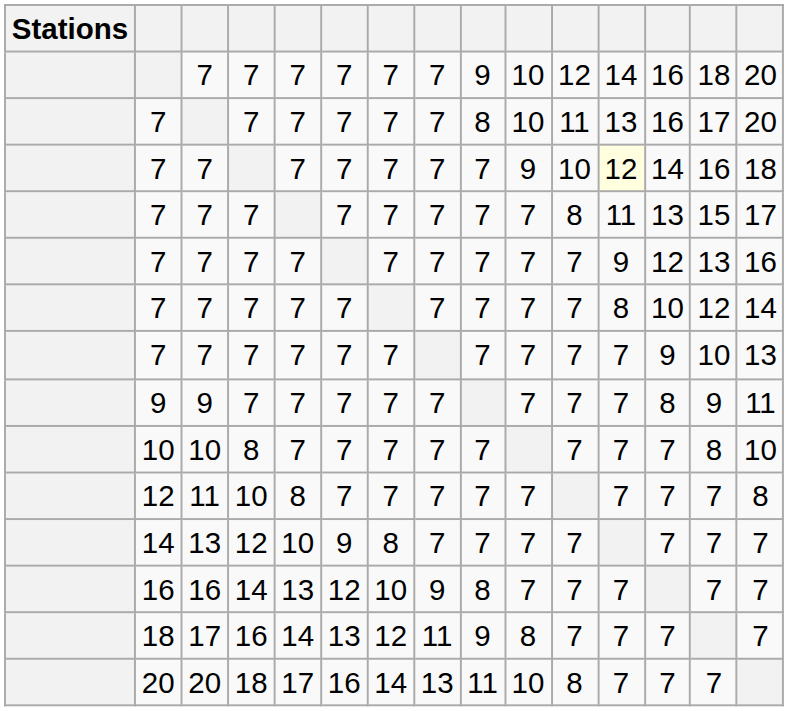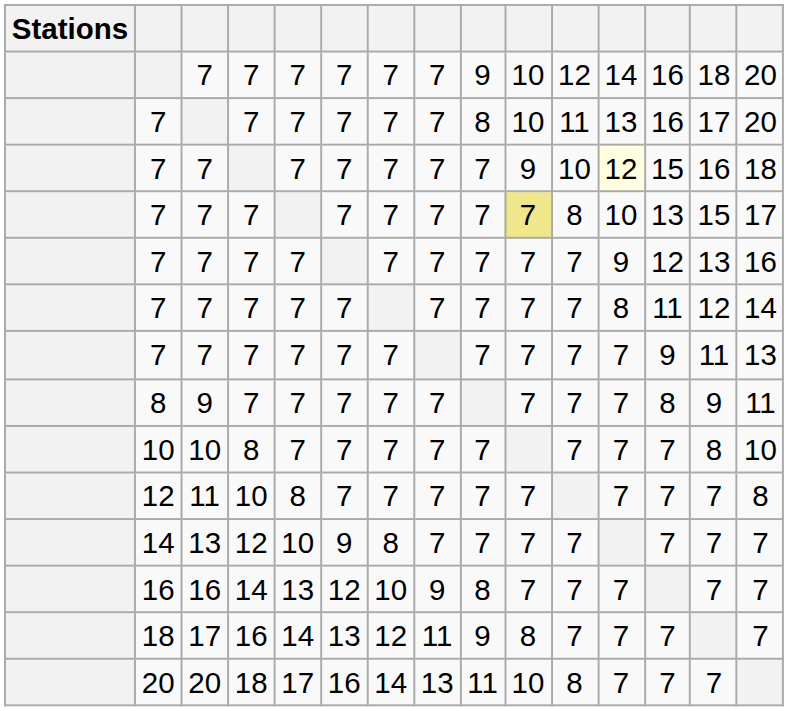 <table class="wikitable" style="font-size: 95%; text-align: center;">
 <tr>
 <th>Stations</th>
 <th></th>
 <th></th>
 <th></th>
 <th></th>
 <th></th>
 <th></th>
 <th></th>
 <th></th>
 <th></th>
 <th></th>
 <th></th>
 <th></th>
 <th></th>
 <th></th>
 </tr>
 <tr>
 <th></th>
 <th></th>
 <td>7</td>
 <td>7</td>
 <td>7</td>
 <td>7</td>
 <td>7</td>
 <td>7</td>
 <td>9</td>
 <td>10</td>
 <td>12</td>
 <td>14</td>
 <td>16</td>
 <td>18</td>
 <td>20</td>
 </tr>
 <tr>
 <th></th>
 <td>7</td>
 <th></th>
 <td>7</td>
 <td>7</td>
 <td>7</td>
 <td>7</td>
 <td>7</td>
 <td>8</td>
 <td>10</td>
 <td>11</td>
 <td>13</td>
 <td>16</td>
 <td>17</td>
 <td>20</td>
 </tr>
 <tr>
 <th></th>
 <td>7</td>
 <td>7</td>
 <th></th>
 <td>7</td>
 <td>7</td>
 <td>7</td>
 <td>7</td>
 <td>7</td>
 <td>9</td>
 <td>10</td>
 <td style="background: lightyellow;">12</td>
-<td>14</td>
+<td>15</td>
 <td>16</td>
 <td>18</td>
 </tr>
 <tr>
 <th></th>
 <td>7</td>
 <td>7</td>
 <td>7</td>
 <th></th>
 <td>7</td>
 <td>7</td>
 <td>7</td>
 <td>7</td>
-<td>7</td>
+<td style="background: khaki;">7</td>
 <td>8</td>
-<td>11</td>
+<td>10</td>
 <td>13</td>
 <td>15</td>
 <td>17</td>
 </tr>
 <tr>
 <th></th>
 <td>7</td>
 <td>7</td>
 <td>7</td>
 <td>7</td>
 <th></th>
 <td>7</td>
 <td>7</td>
 <td>7</td>
 <td>7</td>
 <td>7</td>
 <td>9</td>
 <td>12</td>
 <td>13</td>
 <td>16</td>
 </tr>
 <tr>
 <th></th>
 <td>7</td>
 <td>7</td>
 <td>7</td>
 <td>7</td>
 <td>7</td>
 <th></th>
 <td>7</td>
 <td>7</td>
 <td>7</td>
 <td>7</td>
 <td>8</td>
-<td>10</td>
+<td>11</td>
 <td>12</td>
 <td>14</td>
 </tr>
 <tr>
 <th></th>
 <td>7</td>
 <td>7</td>
 <td>7</td>
 <td>7</td>
 <td>7</td>
 <td>7</td>
 <th></th>
 <td>7</td>
 <td>7</td>
 <td>7</td>
 <td>7</td>
 <td>9</td>
-<td>10</td>
+<td>11</td>
 <td>13</td>
 </tr>
 <tr>
 <th></th>
-<td>9</td>
+<td>8</td>
 <td>9</td>
 <td>7</td>
 <td>7</td>
 <td>7</td>
 <td>7</td>
 <td>7</td>
 <th></th>
 <td>7</td>
 <td>7</td>
 <td>7</td>
 <td>8</td>
 <td>9</td>
 <td>11</td>
 </tr>
 <tr>
 <th></th>
 <td>10</td>
 <td>10</td>
 <td>8</td>
 <td>7</td>
 <td>7</td>
 <td>7</td>
 <td>7</td>
 <td>7</td>
 <th></th>
 <td>7</td>
 <td>7</td>
 <td>7</td>
 <td>8</td>
 <td>10</td>
 </tr>
 <tr>
 <th></th>
 <td>12</td>
 <td>11</td>
 <td>10</td>
 <td>8</td>
 <td>7</td>
 <td>7</td>
 <td>7</td>
 <td>7</td>
 <td>7</td>
 <th></th>
 <td>7</td>
 <td>7</td>
 <td>7</td>
 <td>8</td>
 </tr>
 <tr>
 <th></th>
 <td>14</td>
 <td>13</td>
 <td>12</td>
 <td>10</td>
 <td>9</td>
 <td>8</td>
 <td>7</td>
 <td>7</td>
 <td>7</td>
 <td>7</td>
 <th></th>
 <td>7</td>
 <td>7</td>
 <td>7</td>
 </tr>
 <tr>
 <th></th>
 <td>16</td>
 <td>16</td>
 <td>14</td>
 <td>13</td>
 <td>12</td>
 <td>10</td>
 <td>9</td>
 <td>8</td>
 <td>7</td>
 <td>7</td>
 <td>7</td>
 <th></th>
 <td>7</td>
 <td>7</td>
 </tr>
 <tr>
 <th></th>
 <td>18</td>
 <td>17</td>
 <td>16</td>
 <td>14</td>
 <td>13</td>
 <td>12</td>
 <td>11</td>
 <td>9</td>
 <td>8</td>
 <td>7</td>
 <td>7</td>
 <td>7</td>
 <th></th>
 <td>7</td>
 </tr>
 <tr>
 <th></th>
 <td>20</td>
 <td>20</td>
 <td>18</td>
 <td>17</td>
 <td>16</td>
 <td>14</td>
 <td>13</td>
 <td>11</td>
 <td>10</td>
 <td>8</td>
 <td>7</td>
 <td>7</td>
 <td>7</td>
 <th></th>
 </tr>
 </table>
